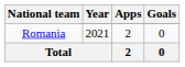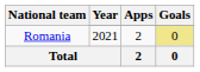 <table class="wikitable" style="text-align: center;">
 <tr>
 <th>National team</th>
 <th>Year</th>
 <th>Apps</th>
 <th>Goals</th>
 </tr>
 <tr>
 <td rowspan="2"><a href='#'>Romania</a></td>
 </tr>
 <tr>
 <td>2021</td>
 <td>2</td>
-<td>0</td>
+<td style="background: khaki;">0</td>
 </tr>
 <tr>
 <th colspan=2>Total</th>
 <th>2</th>
 <th>0</th>
 </tr>
 </table>
